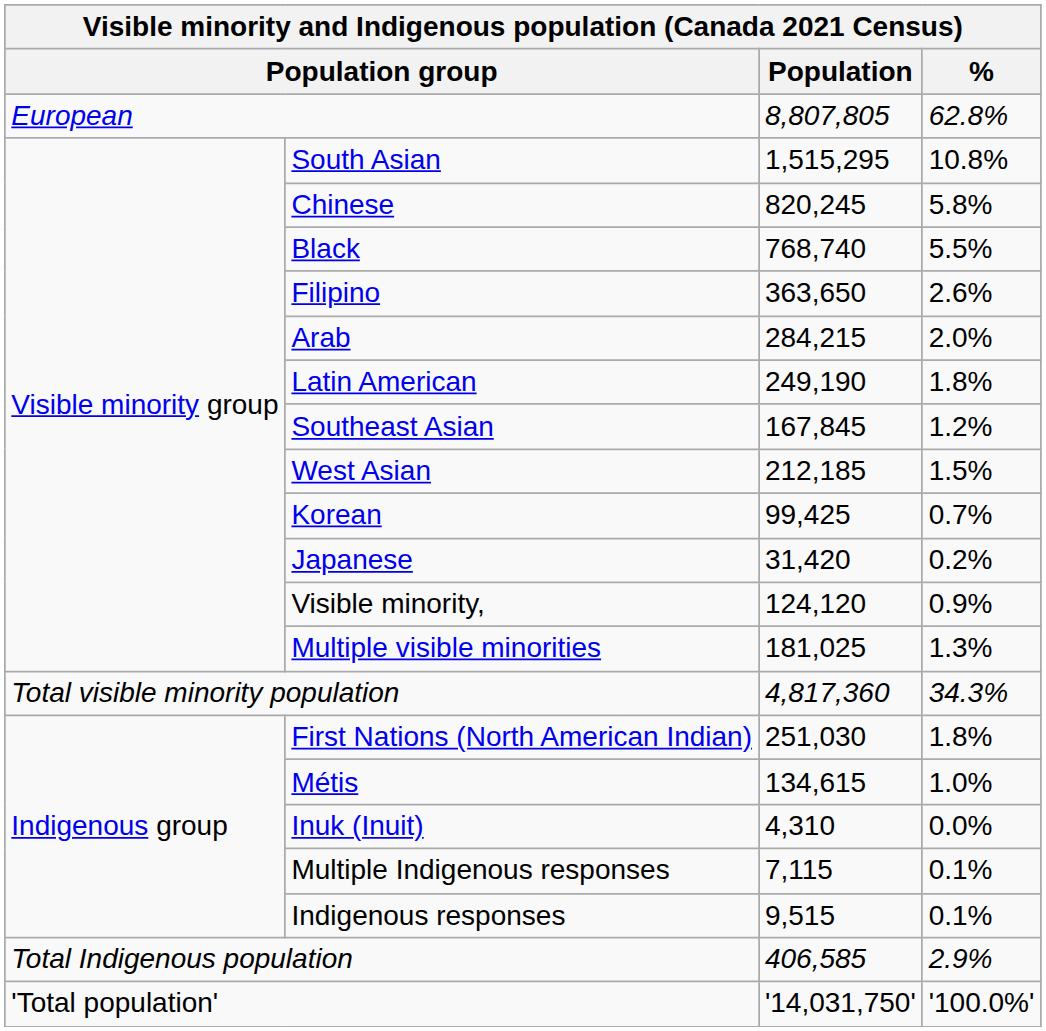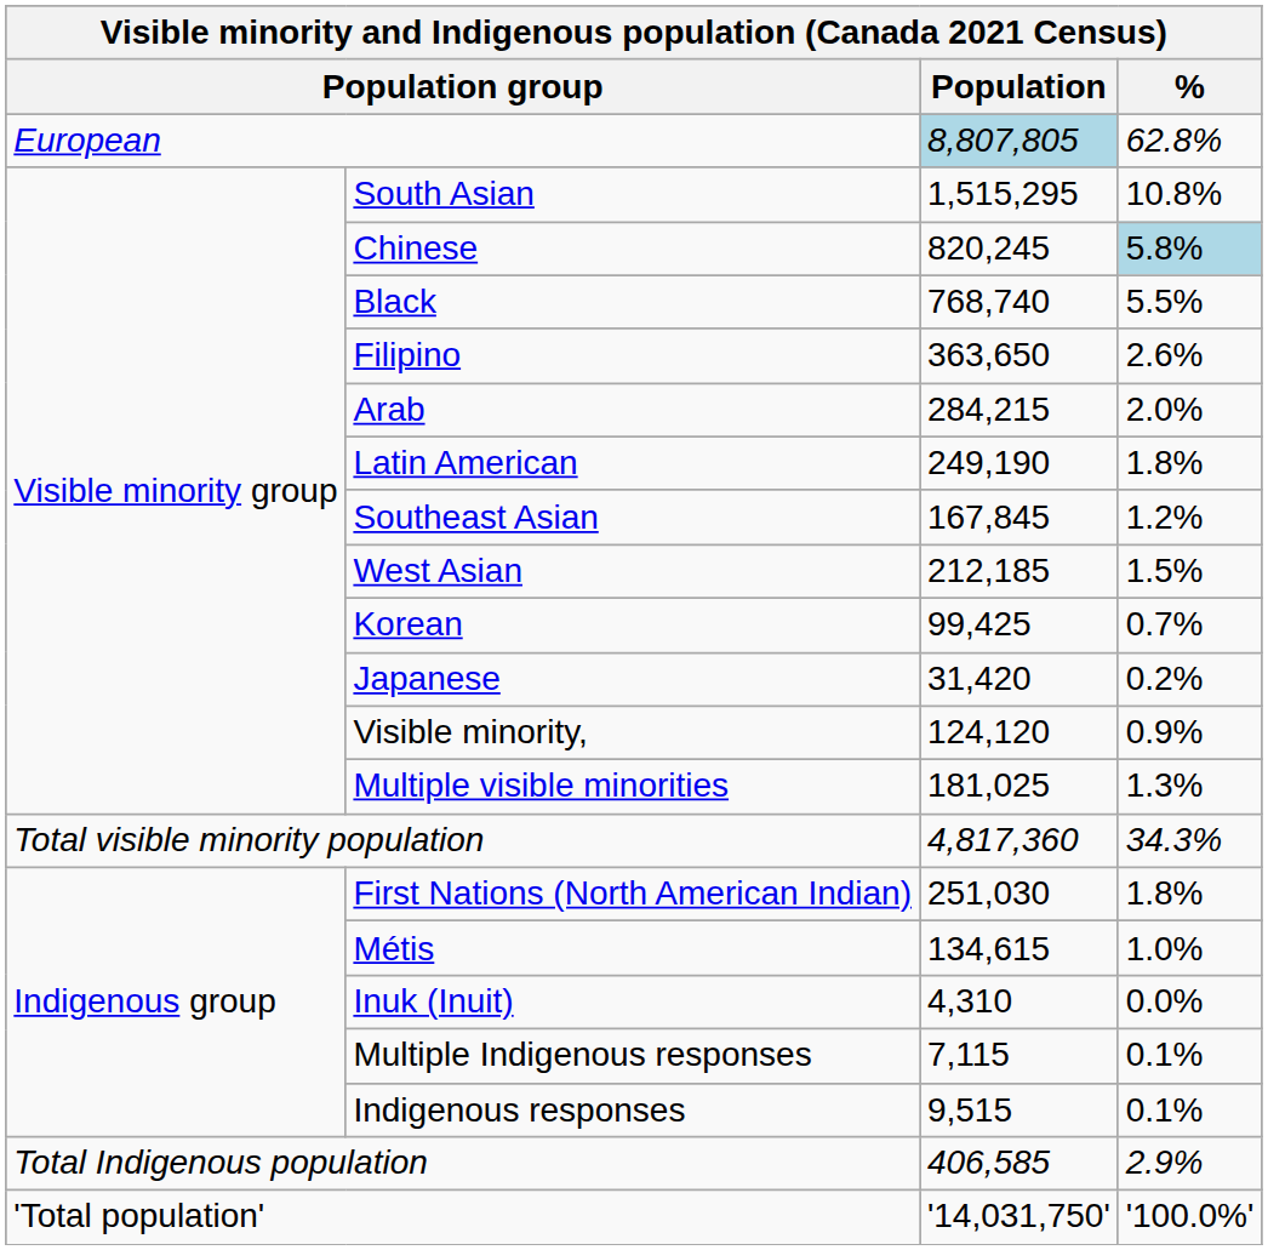 <table class="wikitable">
 <tr>
 <th colspan=4>Visible minority and Indigenous population (Canada 2021 Census)</th>
 </tr>
 <tr>
 <th colspan="2">Population group</th>
 <th>Population</th>
 <th>%</th>
 </tr>
 <tr>
 <td colspan="2"><em><a href='#'>European</a></em></td>
-<td><em>8,807,805</em></td>
+<td style="background: lightblue;"><em>8,807,805</em></td>
 <td><em>62.8%</em></td>
 </tr>
 <tr>
 <td rowspan="12"><a href='#'>Visible minority</a> group</td>
 <td><a href='#'>South Asian</a></td>
 <td>1,515,295</td>
 <td>10.8%</td>
 </tr>
 <tr>
 <td><a href='#'>Chinese</a></td>
 <td>820,245</td>
-<td>5.8%</td>
+<td style="background: lightblue;">5.8%</td>
 </tr>
 <tr>
 <td><a href='#'>Black</a></td>
 <td>768,740</td>
 <td>5.5%</td>
 </tr>
 <tr>
 <td><a href='#'>Filipino</a></td>
 <td>363,650</td>
 <td>2.6%</td>
 </tr>
 <tr>
 <td><a href='#'>Arab</a></td>
 <td>284,215</td>
 <td>2.0%</td>
 </tr>
 <tr>
 <td><a href='#'>Latin American</a></td>
 <td>249,190</td>
 <td>1.8%</td>
 </tr>
 <tr>
 <td><a href='#'>Southeast Asian</a></td>
 <td>167,845</td>
 <td>1.2%</td>
 </tr>
 <tr>
 <td><a href='#'>West Asian</a></td>
 <td>212,185</td>
 <td>1.5%</td>
 </tr>
 <tr>
 <td><a href='#'>Korean</a></td>
 <td>99,425</td>
 <td>0.7%</td>
 </tr>
 <tr>
 <td><a href='#'>Japanese</a></td>
 <td>31,420</td>
 <td>0.2%</td>
 </tr>
 <tr>
 <td>Visible minority, </td>
 <td>124,120</td>
 <td>0.9%</td>
 </tr>
 <tr>
 <td><a href='#'>Multiple visible minorities</a></td>
 <td>181,025</td>
 <td>1.3%</td>
 </tr>
 <tr>
 <td colspan="2"><em>Total visible minority population</em></td>
 <td><em>4,817,360</em></td>
 <td><em>34.3%</em></td>
 </tr>
 <tr>
 <td rowspan="5"><a href='#'>Indigenous</a> group</td>
 <td><a href='#'>First Nations (North American Indian)</a></td>
 <td>251,030</td>
 <td>1.8%</td>
 </tr>
 <tr>
 <td><a href='#'>Métis</a></td>
 <td>134,615</td>
 <td>1.0%</td>
 </tr>
 <tr>
 <td><a href='#'>Inuk (Inuit)</a></td>
 <td>4,310</td>
 <td>0.0%</td>
 </tr>
 <tr>
 <td>Multiple Indigenous responses</td>
 <td>7,115</td>
 <td>0.1%</td>
 </tr>
 <tr>
 <td>Indigenous responses </td>
 <td>9,515</td>
 <td>0.1%</td>
 </tr>
 <tr>
 <td colspan="2"><em>Total Indigenous population</em></td>
 <td><em>406,585</em></td>
 <td><em>2.9%</em></td>
 </tr>
 <tr>
 <td colspan="2">'Total population'</td>
 <td>'14,031,750'</td>
 <td>'100.0%'</td>
 </tr>
 </table>
